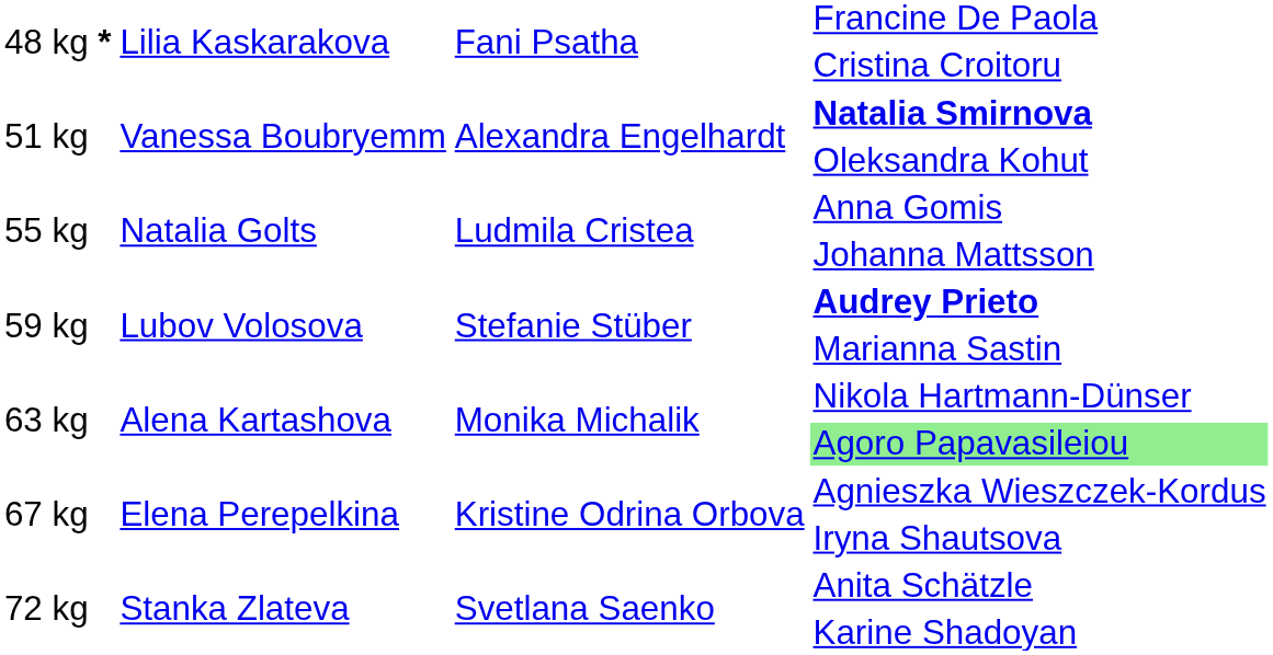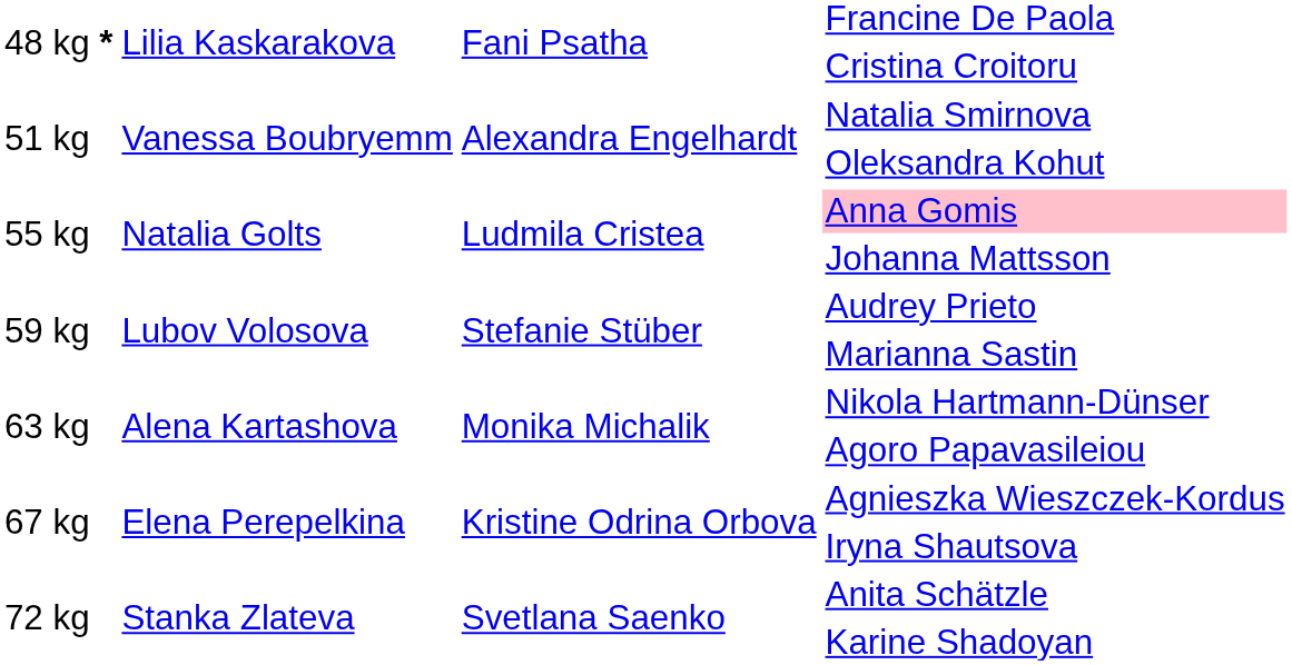 <table>
 <tr>
 <td rowspan=2>48 kg <strong>*</strong></td>
 <td rowspan=2><a href='#'>Lilia Kaskarakova</a> <br></td>
 <td rowspan=2><a href='#'>Fani Psatha</a> <br></td>
 <td><a href='#'>Francine De Paola</a> <br></td>
 </tr>
 <tr>
 <td><a href='#'>Cristina Croitoru</a> <br></td>
 </tr>
 <tr>
 <td rowspan=2>51 kg</td>
 <td rowspan=2><a href='#'>Vanessa Boubryemm</a> <br></td>
 <td rowspan=2><a href='#'>Alexandra Engelhardt</a> <br></td>
-<td><strong><a href='#'>Natalia Smirnova</a> <br></strong></td>
+<td><a href='#'>Natalia Smirnova</a> <br></td>
 </tr>
 <tr>
 <td><a href='#'>Oleksandra Kohut</a> <br></td>
 </tr>
 <tr>
 <td rowspan=2>55 kg</td>
 <td rowspan=2><a href='#'>Natalia Golts</a> <br></td>
 <td rowspan=2><a href='#'>Ludmila Cristea</a> <br></td>
-<td><a href='#'>Anna Gomis</a> <br></td>
+<td style="background: pink;"><a href='#'>Anna Gomis</a> <br></td>
 </tr>
 <tr>
 <td><a href='#'>Johanna Mattsson</a> <br></td>
 </tr>
 <tr>
 <td rowspan=2>59 kg</td>
 <td rowspan=2><a href='#'>Lubov Volosova</a> <br></td>
 <td rowspan=2><a href='#'>Stefanie Stüber</a> <br></td>
-<td><strong><a href='#'>Audrey Prieto</a> <br></strong></td>
+<td><a href='#'>Audrey Prieto</a> <br></td>
 </tr>
 <tr>
 <td><a href='#'>Marianna Sastin</a> <br></td>
 </tr>
 <tr>
 <td rowspan=2>63 kg</td>
 <td rowspan=2><a href='#'>Alena Kartashova</a> <br></td>
 <td rowspan=2><a href='#'>Monika Michalik</a> <br></td>
 <td><a href='#'>Nikola Hartmann-Dünser</a> <br></td>
 </tr>
 <tr>
-<td style="background: lightgreen;"><a href='#'>Agoro Papavasileiou</a> <br></td>
+<td><a href='#'>Agoro Papavasileiou</a> <br></td>
 </tr>
 <tr>
 <td rowspan=2>67 kg</td>
 <td rowspan=2><a href='#'>Elena Perepelkina</a> <br></td>
 <td rowspan=2><a href='#'>Kristine Odrina Orbova</a> <br></td>
 <td><a href='#'>Agnieszka Wieszczek-Kordus</a> <br></td>
 </tr>
 <tr>
 <td><a href='#'>Iryna Shautsova</a> <br></td>
 </tr>
 <tr>
 <td rowspan=2>72 kg</td>
 <td rowspan=2><a href='#'>Stanka Zlateva</a> <br></td>
 <td rowspan=2><a href='#'>Svetlana Saenko</a> <br></td>
 <td><a href='#'>Anita Schätzle</a> <br></td>
 </tr>
 <tr>
 <td><a href='#'>Karine Shadoyan</a> <br></td>
 </tr>
 </table>
